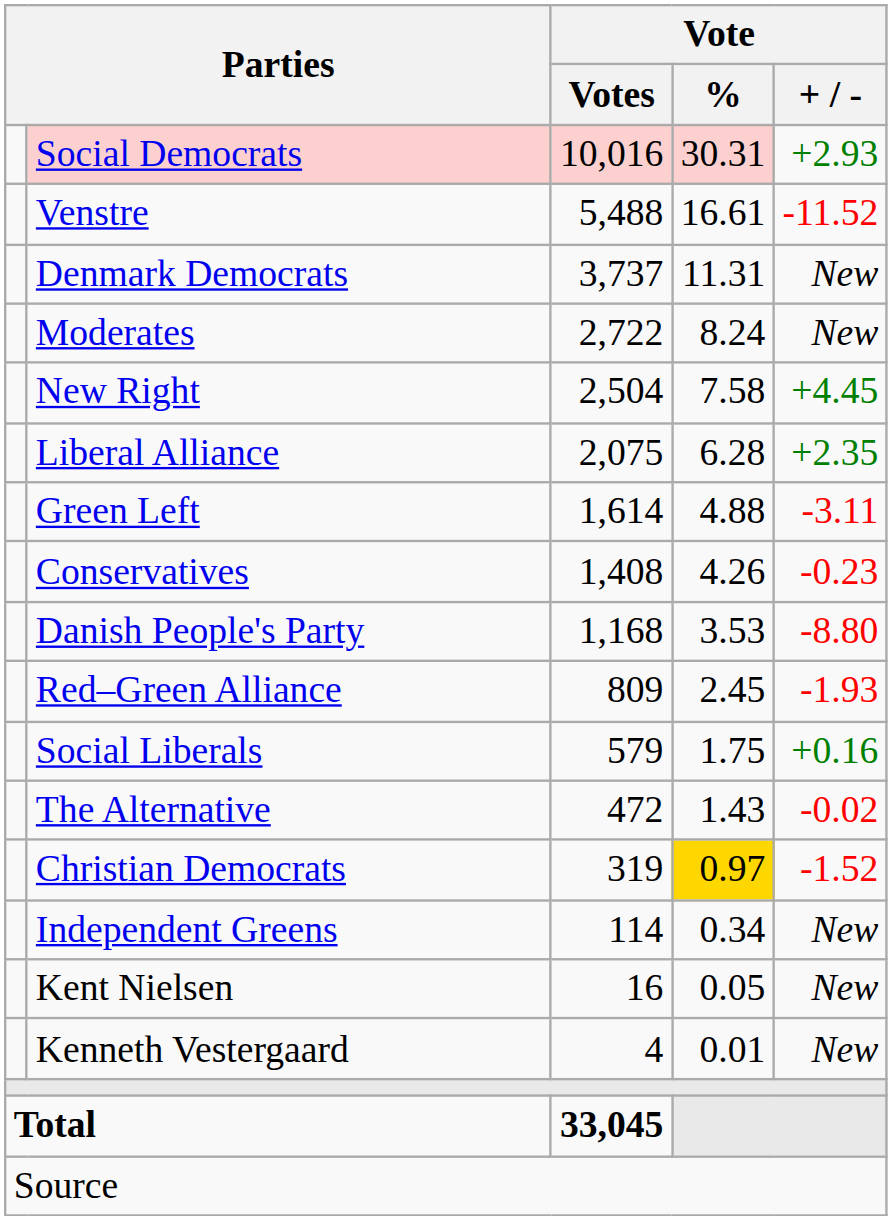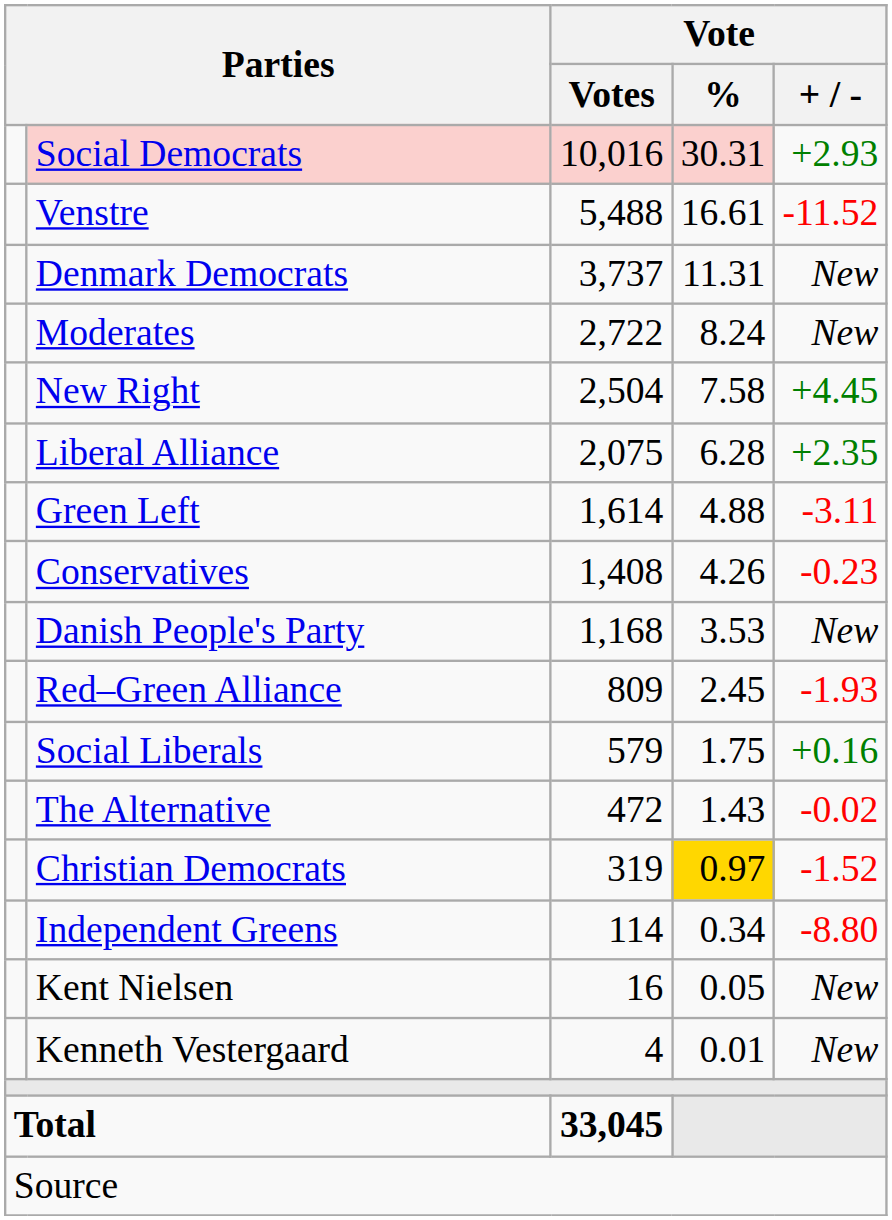 <table class="wikitable" style="text-align:right;">
 <tr>
 <th style="text-align:centre;" rowspan="2" colspan="2" width="225">Parties</th>
 <th colspan="3">Vote</th>
 </tr>
 <tr>
 <th width="15">Votes</th>
 <th width="15">%</th>
 <th width="15">+ / -</th>
 </tr>
 <tr>
 <td width="2" style="color:inherit;background:"></td>
 <td bgcolor=#fbd0ce  align="left"><a href='#'>Social Democrats</a></td>
 <td bgcolor=#fbd0ce>10,016</td>
 <td bgcolor=#fbd0ce>30.31</td>
 <td style=color:green;>+2.93</td>
 </tr>
 <tr>
 <td width="2" style="color:inherit;background:"></td>
 <td align="left"><a href='#'>Venstre</a></td>
 <td>5,488</td>
 <td>16.61</td>
 <td style=color:red;>-11.52</td>
 </tr>
 <tr>
 <td width="2" style="color:inherit;background:"></td>
 <td align="left"><a href='#'>Denmark Democrats</a></td>
 <td>3,737</td>
 <td>11.31</td>
 <td><em>New</em></td>
 </tr>
 <tr>
 <td width="2" style="color:inherit;background:"></td>
 <td align="left"><a href='#'>Moderates</a></td>
 <td>2,722</td>
 <td>8.24</td>
 <td><em>New</em></td>
 </tr>
 <tr>
 <td width="2" style="color:inherit;background:"></td>
 <td align="left"><a href='#'>New Right</a></td>
 <td>2,504</td>
 <td>7.58</td>
 <td style=color:green;>+4.45</td>
 </tr>
 <tr>
 <td width="2" style="color:inherit;background:"></td>
 <td align="left"><a href='#'>Liberal Alliance</a></td>
 <td>2,075</td>
 <td>6.28</td>
 <td style=color:green;>+2.35</td>
 </tr>
 <tr>
 <td width="2" style="color:inherit;background:"></td>
 <td align="left"><a href='#'>Green Left</a></td>
 <td>1,614</td>
 <td>4.88</td>
 <td style=color:red;>-3.11</td>
 </tr>
 <tr>
 <td width="2" style="color:inherit;background:"></td>
 <td align="left"><a href='#'>Conservatives</a></td>
 <td>1,408</td>
 <td>4.26</td>
 <td style=color:red;>-0.23</td>
 </tr>
 <tr>
 <td width="2" style="color:inherit;background:"></td>
 <td align="left"><a href='#'>Danish People's Party</a></td>
 <td>1,168</td>
 <td>3.53</td>
-<td style=color:red;>-8.80</td>
+<td><em>New</em></td>
 </tr>
 <tr>
 <td width="2" style="color:inherit;background:"></td>
 <td align="left"><a href='#'>Red–Green Alliance</a></td>
 <td>809</td>
 <td>2.45</td>
 <td style=color:red;>-1.93</td>
 </tr>
 <tr>
 <td width="2" style="color:inherit;background:"></td>
 <td align="left"><a href='#'>Social Liberals</a></td>
 <td>579</td>
 <td>1.75</td>
 <td style=color:green;>+0.16</td>
 </tr>
 <tr>
 <td width="2" style="color:inherit;background:"></td>
 <td align="left"><a href='#'>The Alternative</a></td>
 <td>472</td>
 <td>1.43</td>
 <td style=color:red;>-0.02</td>
 </tr>
 <tr>
 <td width="2" style="color:inherit;background:"></td>
 <td align="left"><a href='#'>Christian Democrats</a></td>
 <td>319</td>
 <td style="background: gold;">0.97</td>
 <td style=color:red;>-1.52</td>
 </tr>
 <tr>
 <td width="2" style="color:inherit;background:"></td>
 <td align="left"><a href='#'>Independent Greens</a></td>
 <td>114</td>
 <td>0.34</td>
-<td><em>New</em></td>
+<td style=color:red;>-8.80</td>
 </tr>
 <tr>
 <td width="2" style="color:inherit;background:"></td>
 <td align="left">Kent Nielsen</td>
 <td>16</td>
 <td>0.05</td>
 <td><em>New</em></td>
 </tr>
 <tr>
 <td width="2" style="color:inherit;background:"></td>
 <td align="left">Kenneth Vestergaard</td>
 <td>4</td>
 <td>0.01</td>
 <td><em>New</em></td>
 </tr>
 <tr>
 <td colspan="7" bgcolor="#E9E9E9"></td>
 </tr>
 <tr>
 <td align="left" colspan="2"><strong>Total</strong></td>
 <td><strong>33,045</strong></td>
 <td bgcolor="#E9E9E9" colspan="2"></td>
 </tr>
 <tr>
 <td align="left" colspan="6">Source</td>
 </tr>
 </table>
